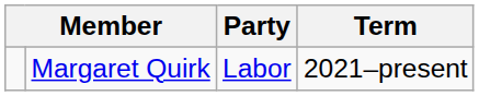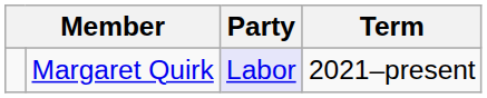 <table class="wikitable">
 <tr>
 <th colspan="2">Member</th>
 <th>Party</th>
 <th>Term</th>
 </tr>
 <tr>
 <td> </td>
 <td><a href='#'>Margaret Quirk</a></td>
-<td><a href='#'>Labor</a></td>
+<td style="background: lavender;"><a href='#'>Labor</a></td>
 <td>2021–present</td>
 </tr>
 </table>
